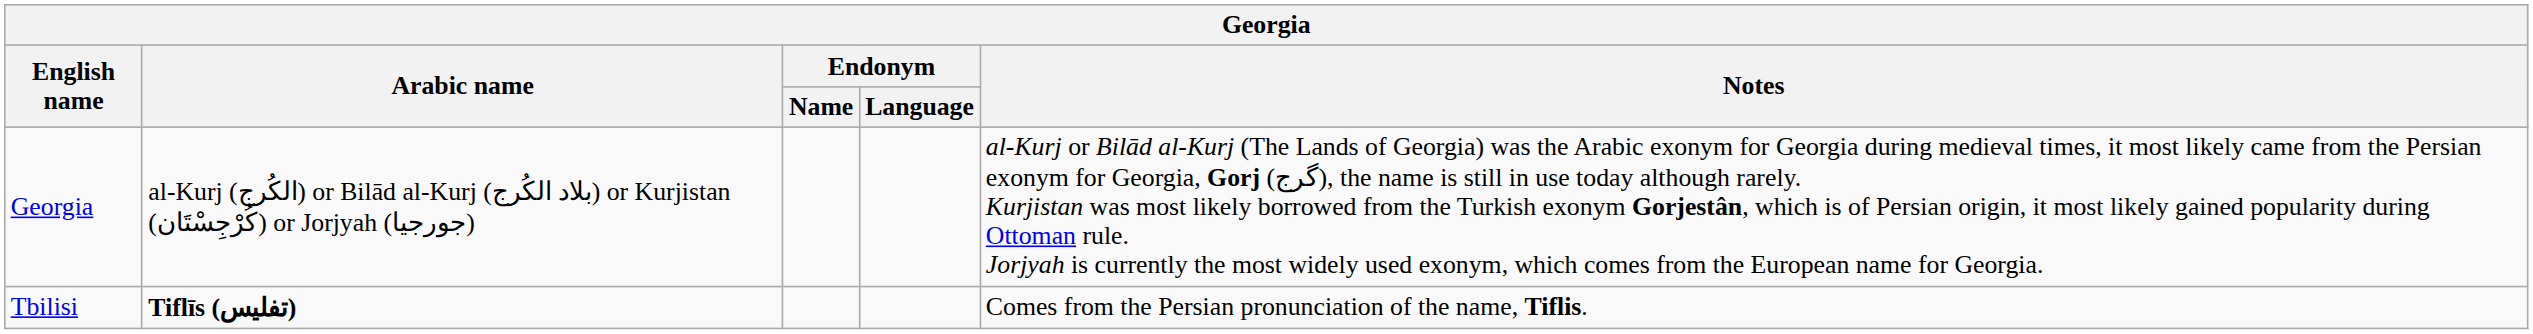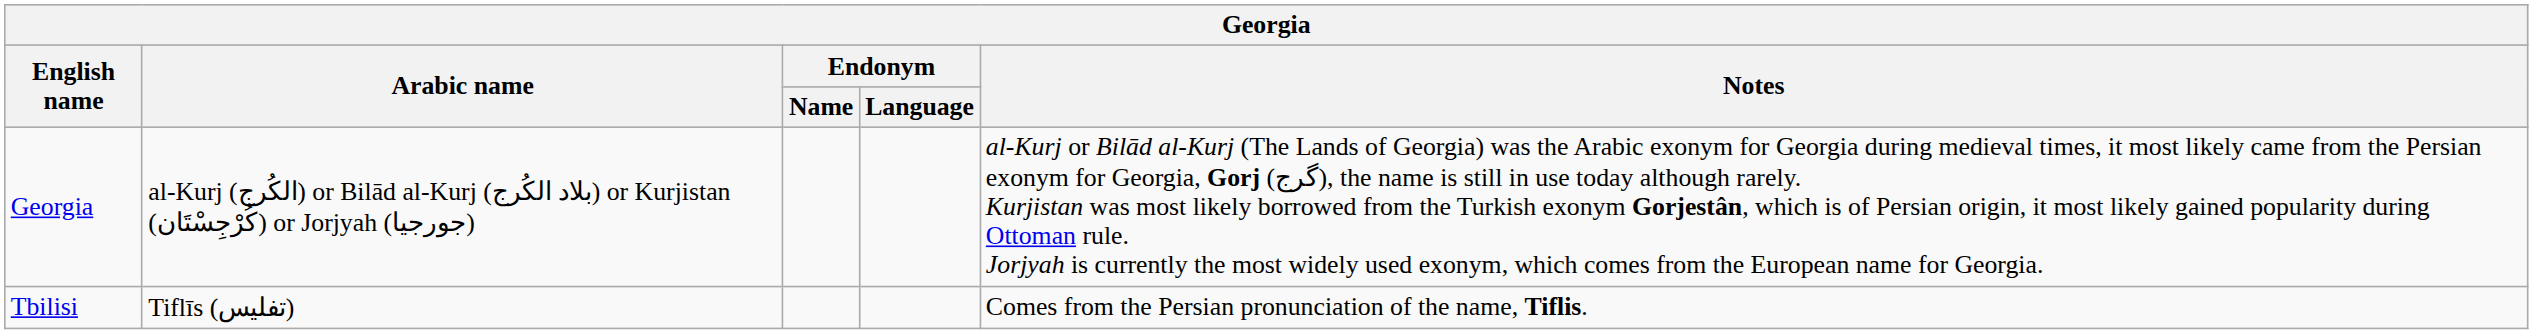 <table class="wikitable sortable">
 <tr>
 <th colspan="5">Georgia</th>
 </tr>
 <tr>
 <th rowspan="2">English name</th>
 <th rowspan="2">Arabic name</th>
 <th colspan="2">Endonym</th>
 <th rowspan="2">Notes</th>
 </tr>
 <tr>
 <th>Name</th>
 <th>Language</th>
 </tr>
 <tr>
 <td><a href='#'>Georgia</a></td>
 <td>al-Kurj (الكُرج) or Bilād al-Kurj (بلاد الكُرج) or Kurjistan (كُرْجِسْتَان) or Jorjyah (جورجيا)</td>
 <td></td>
 <td></td>
 <td><em>al-Kurj</em> or <em>Bilād al-Kurj</em> (The Lands of Georgia) was the Arabic exonym for Georgia during medieval times, it most likely came from the Persian exonym for Georgia, <strong>Gorj</strong> (گرج), the name is still in use today although rarely.<br><em>Kurjistan</em> was most likely borrowed from the Turkish exonym <strong>Gorjestân</strong>, which is of Persian origin, it most likely gained popularity during <a href='#'>Ottoman</a> rule.<br><em>Jorjyah</em> is currently the most widely used exonym, which comes from the European name for Georgia.</td>
 </tr>
 <tr>
 <td><a href='#'>Tbilisi</a></td>
-<td><strong>Tiflīs (تفليس)</strong></td>
+<td>Tiflīs (تفليس)</td>
 <td></td>
 <td></td>
 <td>Comes from the Persian pronunciation of the name, <strong>Tiflis</strong>.</td>
 </tr>
 </table>
